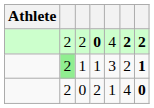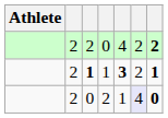 <table class=wikitable style="text-align:center">
 <tr>
 <th>Athlete</th>
 <th></th>
 <th></th>
 <th></th>
 <th></th>
 <th></th>
 <th></th>
 </tr>
 <tr bgcolor="ccffcc">
 <td style="text-align:left"></td>
 <td>2</td>
 <td>2</td>
-<td><strong>0</strong></td>
+<td>0</td>
 <td>4</td>
-<td><strong>2</strong></td>
+<td>2</td>
 <td><strong>2</strong></td>
 </tr>
 <tr>
 <td style="text-align:left"></td>
-<td style="background: lightgreen;">2</td>
+<td>2</td>
+<td><strong>1</strong></td>
 <td>1</td>
-<td>1</td>
-<td>3</td>
+<td><strong>3</strong></td>
 <td>2</td>
 <td><strong>1</strong></td>
 </tr>
 <tr>
 <td style="text-align:left"></td>
 <td>2</td>
 <td>0</td>
 <td>2</td>
 <td>1</td>
-<td>4</td>
+<td style="background: lavender;">4</td>
 <td><strong>0</strong></td>
 </tr>
 </table>
